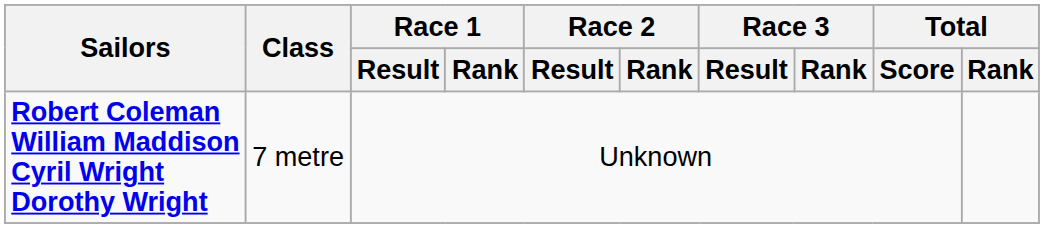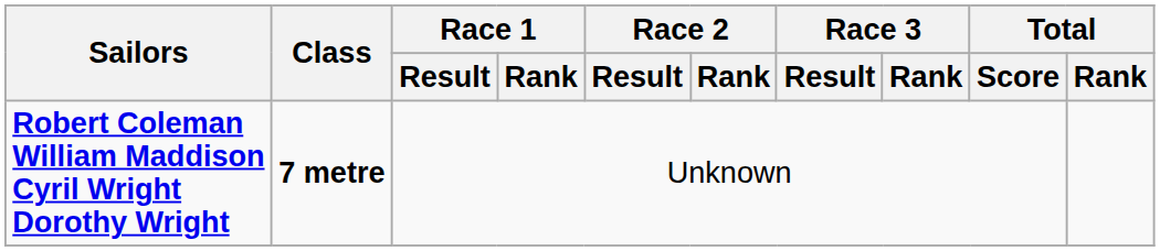 <table class=wikitable style="font-size:90%">
 <tr>
 <th rowspan=2>Sailors</th>
 <th rowspan=2>Class</th>
 <th colspan=2>Race 1</th>
 <th colspan=2>Race 2</th>
 <th colspan=2>Race 3</th>
 <th colspan=2>Total</th>
 </tr>
 <tr>
 <th>Result</th>
 <th>Rank</th>
 <th>Result</th>
 <th>Rank</th>
 <th>Result</th>
 <th>Rank</th>
 <th>Score</th>
 <th>Rank</th>
 </tr>
 <tr>
 <td><strong><a href='#'>Robert Coleman</a> <br> <a href='#'>William Maddison</a> <br> <a href='#'>Cyril Wright</a> <br> <a href='#'>Dorothy Wright</a></strong></td>
-<td>7 metre</td>
+<td><strong>7 metre</strong></td>
 <td align=center colspan=7>Unknown</td>
 <td align=center></td>
 </tr>
 </table>
